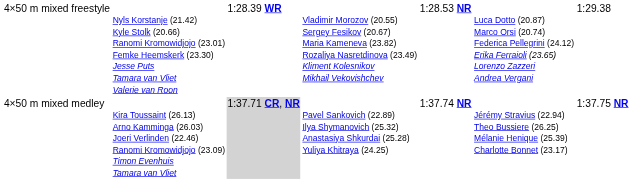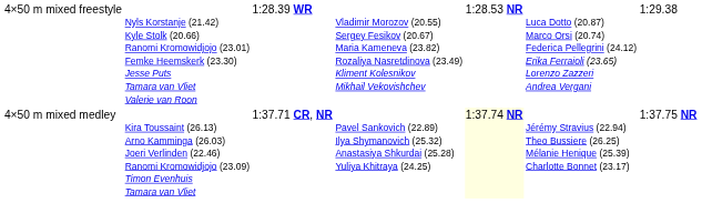 <table>
 <tr valign="top">
 <td>4×50 m mixed freestyle</td>
 <td><br><small><a href='#'>Nyls Korstanje</a> (21.42)<br><a href='#'>Kyle Stolk</a> (20.66)<br><a href='#'>Ranomi Kromowidjojo</a> (23.01)<br><a href='#'>Femke Heemskerk</a> (23.30)<br><em><a href='#'>Jesse Puts</a><br><a href='#'>Tamara van Vliet</a><br><a href='#'>Valerie van Roon</a></em></small></td>
 <td>1:28.39 <strong><a href='#'>WR</a></strong></td>
 <td><br><small><a href='#'>Vladimir Morozov</a> (20.55)<br><a href='#'>Sergey Fesikov</a> (20.67)<br><a href='#'>Maria Kameneva</a> (23.82)<br><a href='#'>Rozaliya Nasretdinova</a> (23.49)<br><em><a href='#'>Kliment Kolesnikov</a><br><a href='#'>Mikhail Vekovishchev</a></em></small></td>
 <td>1:28.53 <strong><a href='#'>NR</a></strong></td>
 <td><br><small><a href='#'>Luca Dotto</a> (20.87)<br><a href='#'>Marco Orsi</a> (20.74)<br><a href='#'>Federica Pellegrini</a> (24.12)<br><em><a href='#'>Erika Ferraioli</a> (23.65)<br><a href='#'>Lorenzo Zazzeri</a><br><a href='#'>Andrea Vergani</a></em></small></td>
 <td>1:29.38</td>
 </tr>
 <tr valign="top">
 <td>4×50 m mixed medley</td>
 <td><br><small><a href='#'>Kira Toussaint</a> (26.13)<br><a href='#'>Arno Kamminga</a> (26.03)<br><a href='#'>Joeri Verlinden</a> (22.46)<br><a href='#'>Ranomi Kromowidjojo</a> (23.09)<br><em><a href='#'>Timon Evenhuis</a><br><a href='#'>Tamara van Vliet</a></em></small></td>
-<td style="background: lightgrey;">1:37.71 <strong><a href='#'>CR</a></strong>, <strong><a href='#'>NR</a></strong></td>
+<td>1:37.71 <strong><a href='#'>CR</a></strong>, <strong><a href='#'>NR</a></strong></td>
 <td><br><small><a href='#'>Pavel Sankovich</a> (22.89)<br><a href='#'>Ilya Shymanovich</a> (25.32)<br><a href='#'>Anastasiya Shkurdai</a> (25.28)<br><a href='#'>Yuliya Khitraya</a> (24.25)</small></td>
-<td>1:37.74 <strong><a href='#'>NR</a></strong></td>
+<td style="background: lightyellow;">1:37.74 <strong><a href='#'>NR</a></strong></td>
 <td><br><small><a href='#'>Jérémy Stravius</a> (22.94)<br><a href='#'>Theo Bussiere</a> (26.25)<br><a href='#'>Mélanie Henique</a> (25.39)<br><a href='#'>Charlotte Bonnet</a> (23.17)</small></td>
 <td>1:37.75 <strong><a href='#'>NR</a></strong></td>
 </tr>
 </table>
